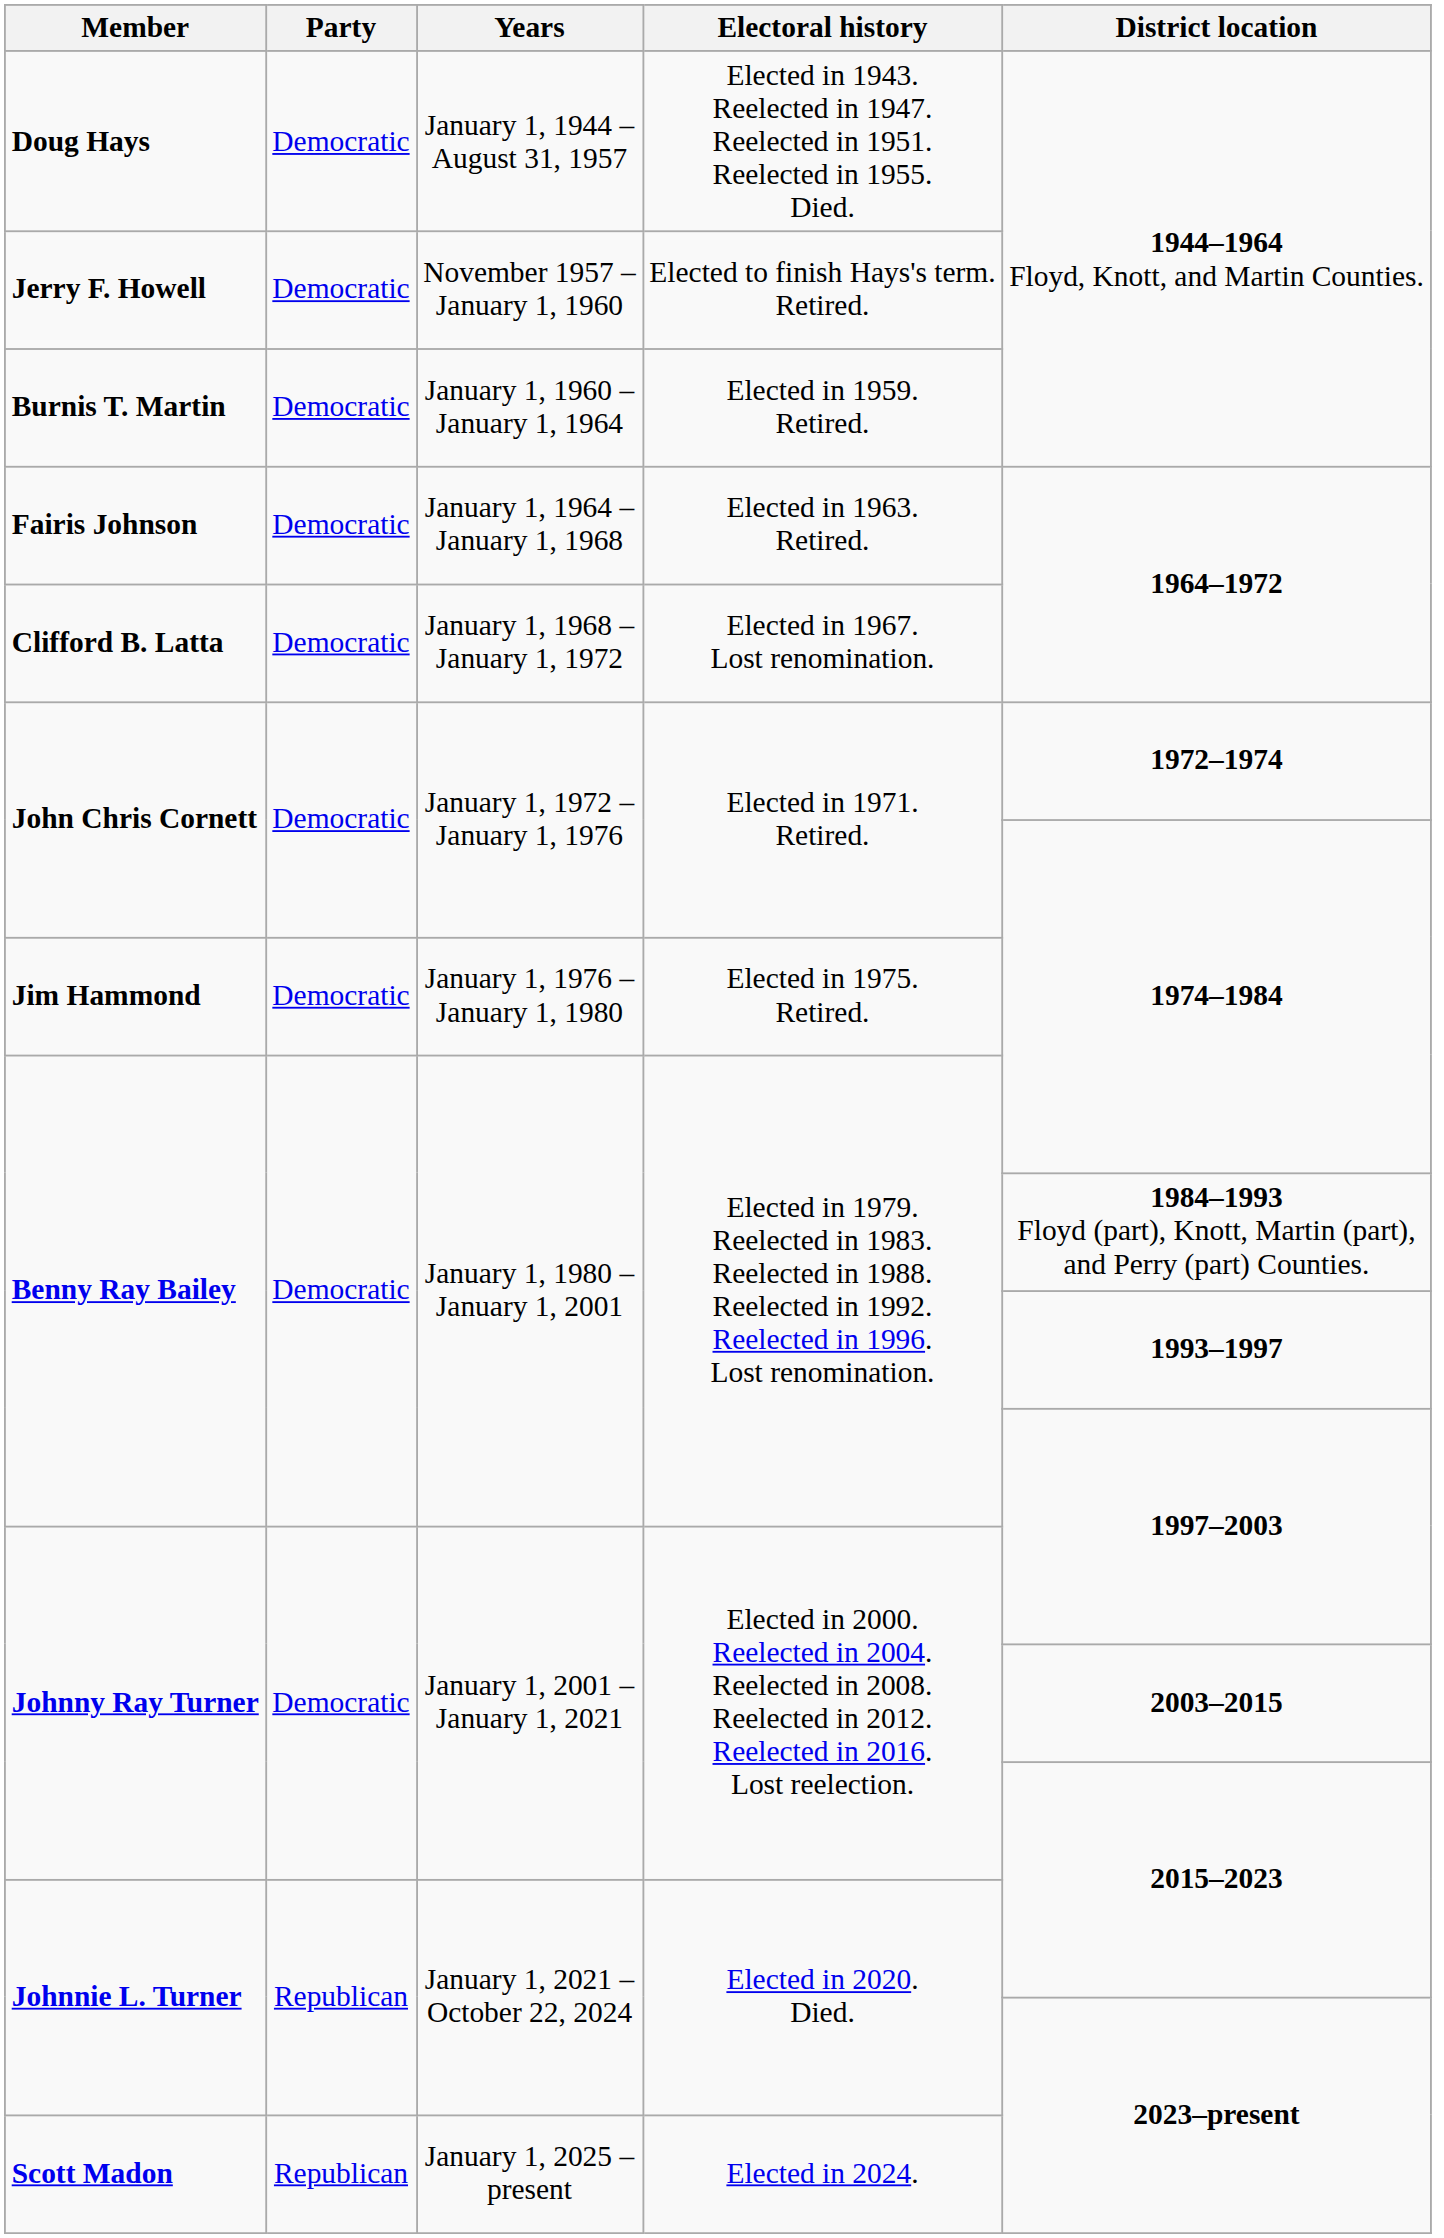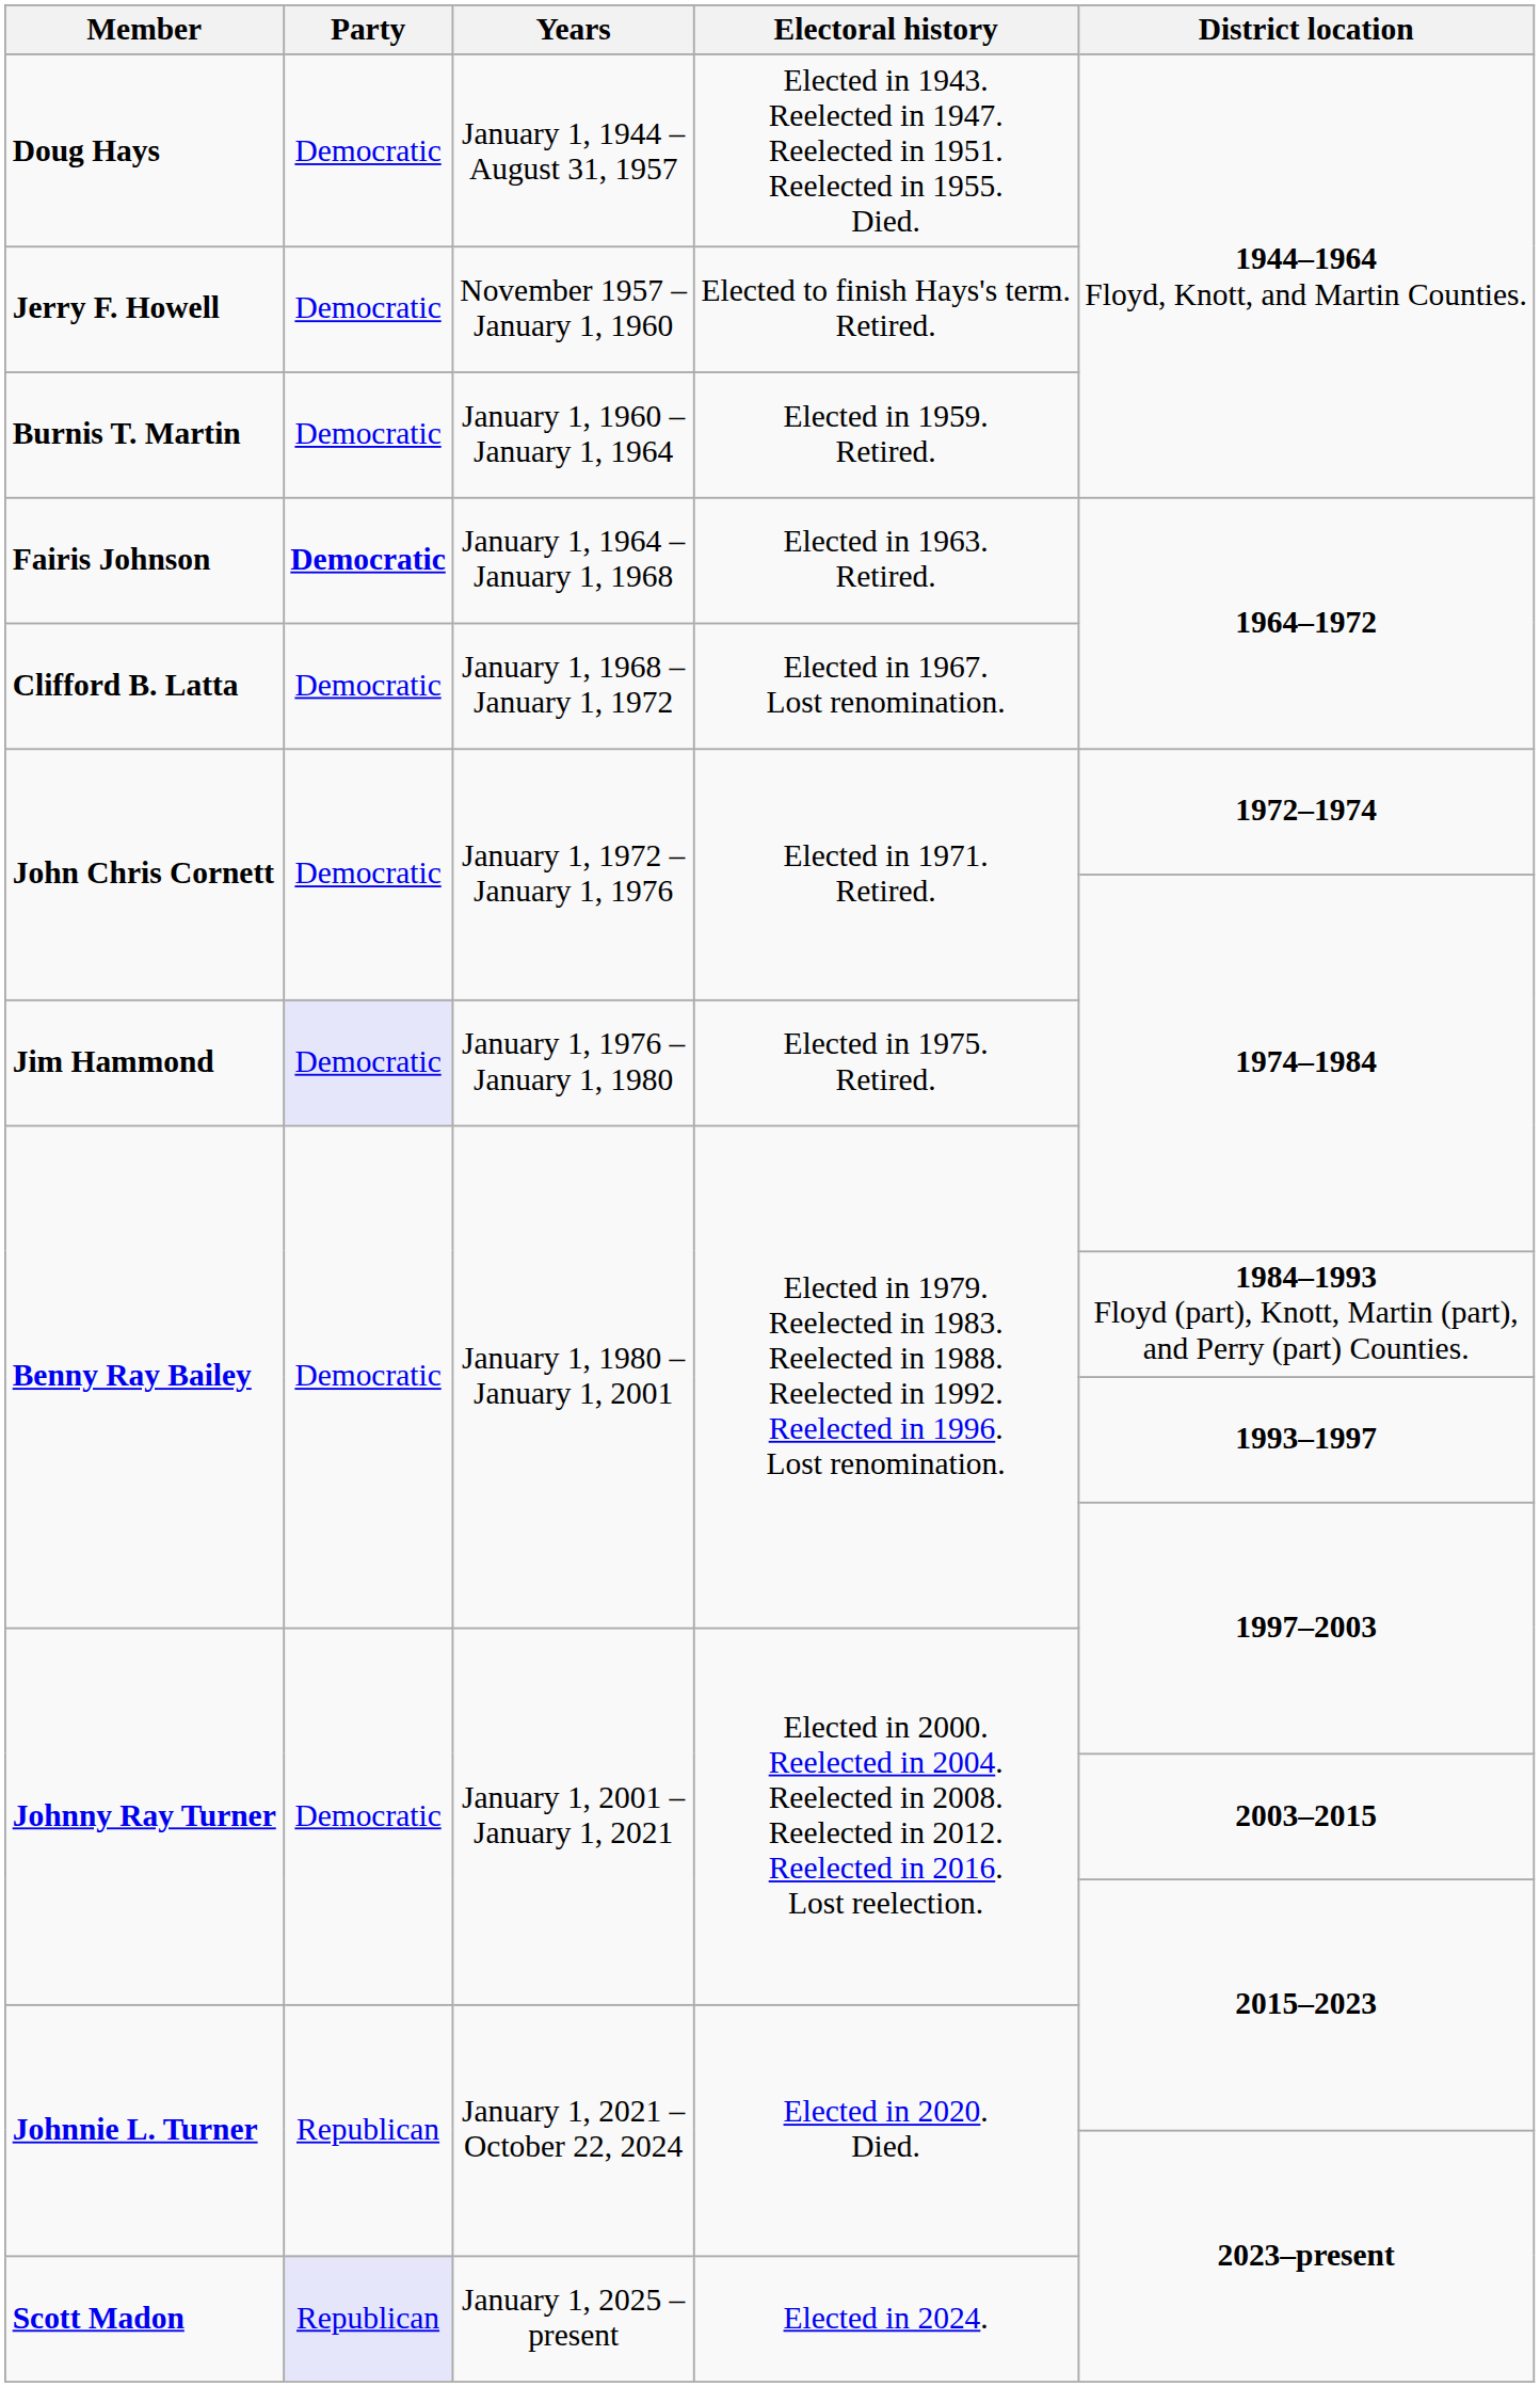 <table class=wikitable style="text-align:center">
 <tr>
 <th>Member</th>
 <th>Party</th>
 <th>Years</th>
 <th>Electoral history</th>
 <th>District location</th>
 </tr>
 <tr style="height:4em">
 <td align=left><strong>Doug Hays</strong><br></td>
 <td><a href='#'>Democratic</a></td>
 <td nowrap>January 1, 1944 –<br>August 31, 1957</td>
 <td>Elected in 1943.<br>Reelected in 1947.<br>Reelected in 1951.<br>Reelected in 1955.<br>Died.</td>
 <td rowspan=3><strong>1944–1964</strong><br>Floyd, Knott, and Martin Counties.</td>
 </tr>
 <tr style="height:4em">
 <td align=left><strong>Jerry F. Howell</strong><br></td>
 <td><a href='#'>Democratic</a></td>
 <td nowrap>November 1957 –<br>January 1, 1960</td>
 <td>Elected to finish Hays's term.<br>Retired.</td>
 </tr>
 <tr style="height:4em">
 <td align=left><strong>Burnis T. Martin</strong><br></td>
 <td><a href='#'>Democratic</a></td>
 <td nowrap>January 1, 1960 –<br>January 1, 1964</td>
 <td>Elected in 1959.<br>Retired.</td>
 </tr>
 <tr style="height:4em">
 <td align=left><strong>Fairis Johnson</strong><br></td>
-<td><a href='#'>Democratic</a></td>
+<td><strong><a href='#'>Democratic</a></strong></td>
 <td nowrap>January 1, 1964 –<br>January 1, 1968</td>
 <td>Elected in 1963.<br>Retired.</td>
 <td rowspan=2><strong>1964–1972</strong><br></td>
 </tr>
 <tr style="height:4em">
 <td align=left><strong>Clifford B. Latta</strong><br></td>
 <td><a href='#'>Democratic</a></td>
 <td nowrap>January 1, 1968 –<br>January 1, 1972</td>
 <td>Elected in 1967.<br>Lost renomination.</td>
 </tr>
 <tr style="height:4em">
 <td rowspan=2 align=left><strong>John Chris Cornett</strong><br></td>
 <td rowspan=2 ><a href='#'>Democratic</a></td>
 <td rowspan=2 nowrap>January 1, 1972 –<br>January 1, 1976</td>
 <td rowspan=2>Elected in 1971.<br>Retired.</td>
 <td><strong>1972–1974</strong><br></td>
 </tr>
 <tr style="height:4em">
 <td rowspan=3><strong>1974–1984</strong><br></td>
 </tr>
 <tr style="height:4em">
 <td align=left><strong>Jim Hammond</strong><br></td>
-<td><a href='#'>Democratic</a></td>
+<td style="background: lavender;"><a href='#'>Democratic</a></td>
 <td nowrap>January 1, 1976 –<br>January 1, 1980</td>
 <td>Elected in 1975.<br>Retired.</td>
 </tr>
 <tr style="height:4em">
 <td rowspan=4 align=left><strong><a href='#'>Benny Ray Bailey</a></strong><br></td>
 <td rowspan=4 ><a href='#'>Democratic</a></td>
 <td rowspan=4 nowrap>January 1, 1980 –<br>January 1, 2001</td>
 <td rowspan=4>Elected in 1979.<br>Reelected in 1983.<br>Reelected in 1988.<br>Reelected in 1992.<br><a href='#'>Reelected in 1996</a>.<br>Lost renomination.</td>
 </tr>
 <tr style="height:4em">
 <td><strong>1984–1993</strong><br>Floyd (part), Knott, Martin (part),<br>and Perry (part) Counties.</td>
 </tr>
 <tr style="height:4em">
 <td><strong>1993–1997</strong><br></td>
 </tr>
 <tr style="height:4em">
 <td rowspan=2><strong>1997–2003</strong><br></td>
 </tr>
 <tr style="height:4em">
 <td rowspan=3 align=left><strong><a href='#'>Johnny Ray Turner</a></strong><br></td>
 <td rowspan=3 ><a href='#'>Democratic</a></td>
 <td rowspan=3 nowrap>January 1, 2001 –<br>January 1, 2021</td>
 <td rowspan=3>Elected in 2000.<br><a href='#'>Reelected in 2004</a>.<br>Reelected in 2008.<br>Reelected in 2012.<br><a href='#'>Reelected in 2016</a>.<br>Lost reelection.</td>
 </tr>
 <tr style="height:4em">
 <td><strong>2003–2015</strong><br></td>
 </tr>
 <tr style="height:4em">
 <td rowspan=2><strong>2015–2023</strong><br></td>
 </tr>
 <tr style="height:4em">
 <td rowspan=2 align=left><strong><a href='#'>Johnnie L. Turner</a></strong><br></td>
 <td rowspan=2 ><a href='#'>Republican</a></td>
 <td rowspan=2 nowrap>January 1, 2021 –<br>October 22, 2024</td>
 <td rowspan=2><a href='#'>Elected in 2020</a>.<br>Died.</td>
 </tr>
 <tr style="height:4em">
 <td rowspan=2><strong>2023–present</strong><br></td>
 </tr>
 <tr style="height:4em">
 <td align=left><strong><a href='#'>Scott Madon</a></strong><br></td>
-<td><a href='#'>Republican</a></td>
+<td style="background: lavender;"><a href='#'>Republican</a></td>
 <td nowrap>January 1, 2025 –<br>present</td>
 <td><a href='#'>Elected in 2024</a>.</td>
 </tr>
 </table>
